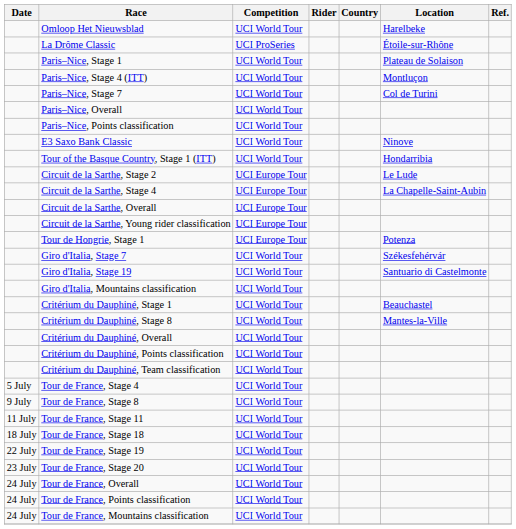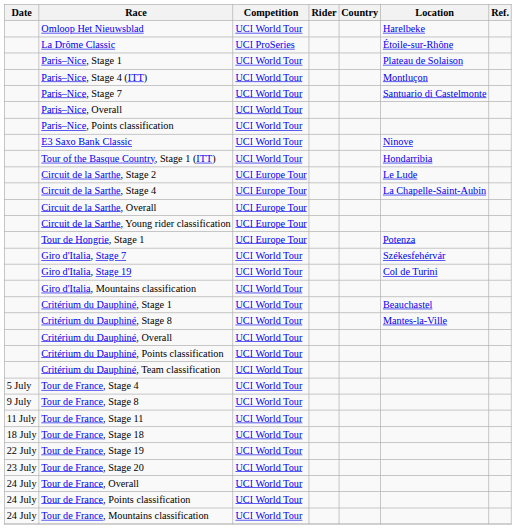 <table class="wikitable sortable">
 <tr>
 <th>Date</th>
 <th>Race</th>
 <th>Competition</th>
 <th>Rider</th>
 <th>Country</th>
 <th>Location</th>
 <th class="unsortable">Ref.</th>
 </tr>
 <tr>
 <td></td>
 <td><a href='#'>Omloop Het Nieuwsblad</a></td>
 <td><a href='#'>UCI World Tour</a></td>
 <td></td>
 <td></td>
 <td><a href='#'>Harelbeke</a></td>
 <td align="center"></td>
 </tr>
 <tr>
 <td></td>
 <td><a href='#'>La Drôme Classic</a></td>
 <td><a href='#'>UCI ProSeries</a></td>
 <td></td>
 <td></td>
 <td><a href='#'>Étoile-sur-Rhône</a></td>
 <td align="center"></td>
 </tr>
 <tr>
 <td></td>
 <td><a href='#'>Paris–Nice</a>, Stage 1</td>
 <td><a href='#'>UCI World Tour</a></td>
 <td></td>
 <td></td>
 <td><a href='#'>Plateau de Solaison</a></td>
 <td align="center"></td>
 </tr>
 <tr>
 <td></td>
 <td><a href='#'>Paris–Nice</a>, Stage 4 (<a href='#'>ITT</a>)</td>
 <td><a href='#'>UCI World Tour</a></td>
 <td></td>
 <td></td>
 <td><a href='#'>Montluçon</a></td>
 <td align="center"></td>
 </tr>
 <tr>
 <td></td>
 <td><a href='#'>Paris–Nice</a>, Stage 7</td>
 <td><a href='#'>UCI World Tour</a></td>
 <td></td>
 <td></td>
-<td><a href='#'>Col de Turini</a></td>
+<td><a href='#'>Santuario di Castelmonte</a></td>
 <td align="center"></td>
 </tr>
 <tr>
 <td></td>
 <td><a href='#'>Paris–Nice</a>, Overall</td>
 <td><a href='#'>UCI World Tour</a></td>
 <td></td>
 <td></td>
 <td></td>
 <td align="center"></td>
 </tr>
 <tr>
 <td></td>
 <td><a href='#'>Paris–Nice</a>, Points classification</td>
 <td><a href='#'>UCI World Tour</a></td>
 <td></td>
 <td></td>
 <td></td>
 <td align="center"></td>
 </tr>
 <tr>
 <td></td>
 <td><a href='#'>E3 Saxo Bank Classic</a></td>
 <td><a href='#'>UCI World Tour</a></td>
 <td></td>
 <td></td>
 <td><a href='#'>Ninove</a></td>
 <td align="center"></td>
 </tr>
 <tr>
 <td></td>
 <td><a href='#'>Tour of the Basque Country</a>, Stage 1 (<a href='#'>ITT</a>)</td>
 <td><a href='#'>UCI World Tour</a></td>
 <td></td>
 <td></td>
 <td><a href='#'>Hondarribia</a></td>
 <td align="center"></td>
 </tr>
 <tr>
 <td></td>
 <td><a href='#'>Circuit de la Sarthe</a>, Stage 2</td>
 <td><a href='#'>UCI Europe Tour</a></td>
 <td></td>
 <td></td>
 <td><a href='#'>Le Lude</a></td>
 <td align="center"></td>
 </tr>
 <tr>
 <td></td>
 <td><a href='#'>Circuit de la Sarthe</a>, Stage 4</td>
 <td><a href='#'>UCI Europe Tour</a></td>
 <td></td>
 <td></td>
 <td><a href='#'>La Chapelle-Saint-Aubin</a></td>
 <td align="center"></td>
 </tr>
 <tr>
 <td></td>
 <td><a href='#'>Circuit de la Sarthe</a>, Overall</td>
 <td><a href='#'>UCI Europe Tour</a></td>
 <td></td>
 <td></td>
 <td></td>
 <td align="center"></td>
 </tr>
 <tr>
 <td></td>
 <td><a href='#'>Circuit de la Sarthe</a>, Young rider classification</td>
 <td><a href='#'>UCI Europe Tour</a></td>
 <td></td>
 <td></td>
 <td></td>
 <td align="center"></td>
 </tr>
 <tr>
 <td></td>
 <td><a href='#'>Tour de Hongrie</a>, Stage 1</td>
 <td><a href='#'>UCI Europe Tour</a></td>
 <td></td>
 <td></td>
 <td><a href='#'>Potenza</a></td>
 <td align="center"></td>
 </tr>
 <tr>
 <td></td>
 <td><a href='#'>Giro d'Italia</a>, <a href='#'>Stage 7</a></td>
 <td><a href='#'>UCI World Tour</a></td>
 <td></td>
 <td></td>
 <td><a href='#'>Székesfehérvár</a></td>
 <td align="center"></td>
 </tr>
 <tr>
 <td></td>
 <td><a href='#'>Giro d'Italia</a>, <a href='#'>Stage 19</a></td>
 <td><a href='#'>UCI World Tour</a></td>
 <td></td>
 <td></td>
-<td><a href='#'>Santuario di Castelmonte</a></td>
+<td><a href='#'>Col de Turini</a></td>
 <td align="center"></td>
 </tr>
 <tr>
 <td></td>
 <td><a href='#'>Giro d'Italia</a>, Mountains classification</td>
 <td><a href='#'>UCI World Tour</a></td>
 <td></td>
 <td></td>
 <td></td>
 <td align="center"></td>
 </tr>
 <tr>
 <td></td>
 <td><a href='#'>Critérium du Dauphiné</a>, Stage 1</td>
 <td><a href='#'>UCI World Tour</a></td>
 <td></td>
 <td></td>
 <td><a href='#'>Beauchastel</a></td>
 <td align="center"></td>
 </tr>
 <tr>
 <td></td>
 <td><a href='#'>Critérium du Dauphiné</a>, Stage 8</td>
 <td><a href='#'>UCI World Tour</a></td>
 <td></td>
 <td></td>
 <td><a href='#'>Mantes-la-Ville</a></td>
 <td align="center"></td>
 </tr>
 <tr>
 <td></td>
 <td><a href='#'>Critérium du Dauphiné</a>, Overall</td>
 <td><a href='#'>UCI World Tour</a></td>
 <td></td>
 <td></td>
 <td></td>
 <td align="center"></td>
 </tr>
 <tr>
 <td></td>
 <td><a href='#'>Critérium du Dauphiné</a>, Points classification</td>
 <td><a href='#'>UCI World Tour</a></td>
 <td></td>
 <td></td>
 <td></td>
 <td align="center"></td>
 </tr>
 <tr>
 <td></td>
 <td><a href='#'>Critérium du Dauphiné</a>, Team classification</td>
 <td><a href='#'>UCI World Tour</a></td>
 <td align="center"></td>
 <td></td>
 <td></td>
 <td align="center"></td>
 </tr>
 <tr>
 <td>5 July</td>
 <td><a href='#'>Tour de France</a>, Stage 4</td>
 <td><a href='#'>UCI World Tour</a></td>
 <td></td>
 <td></td>
 <td></td>
 <td></td>
 </tr>
 <tr>
 <td>9 July</td>
 <td><a href='#'>Tour de France</a>, Stage 8</td>
 <td><a href='#'>UCI World Tour</a></td>
 <td></td>
 <td></td>
 <td></td>
 <td></td>
 </tr>
 <tr>
 <td>11 July</td>
 <td><a href='#'>Tour de France</a>, Stage 11</td>
 <td><a href='#'>UCI World Tour</a></td>
 <td></td>
 <td></td>
 <td></td>
 <td></td>
 </tr>
 <tr>
 <td>18 July</td>
 <td><a href='#'>Tour de France</a>, Stage 18</td>
 <td><a href='#'>UCI World Tour</a></td>
 <td></td>
 <td></td>
 <td></td>
 <td></td>
 </tr>
 <tr>
 <td>22 July</td>
 <td><a href='#'>Tour de France</a>, Stage 19</td>
 <td><a href='#'>UCI World Tour</a></td>
 <td></td>
 <td></td>
 <td></td>
 <td></td>
 </tr>
 <tr>
 <td>23 July</td>
 <td><a href='#'>Tour de France</a>, Stage 20</td>
 <td><a href='#'>UCI World Tour</a></td>
 <td></td>
 <td></td>
 <td></td>
 <td></td>
 </tr>
 <tr>
 <td>24 July</td>
 <td><a href='#'>Tour de France</a>, Overall</td>
 <td><a href='#'>UCI World Tour</a></td>
 <td></td>
 <td></td>
 <td></td>
 <td></td>
 </tr>
 <tr>
 <td>24 July</td>
 <td><a href='#'>Tour de France</a>, Points classification</td>
 <td><a href='#'>UCI World Tour</a></td>
 <td></td>
 <td></td>
 <td></td>
 <td></td>
 </tr>
 <tr>
 <td>24 July</td>
 <td><a href='#'>Tour de France</a>, Mountains classification</td>
 <td><a href='#'>UCI World Tour</a></td>
 <td></td>
 <td></td>
 <td></td>
 <td></td>
 </tr>
 <tr>
 </tr>
 </table>
